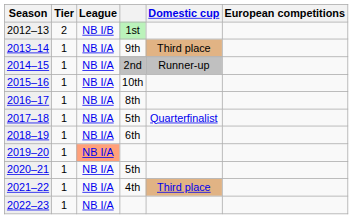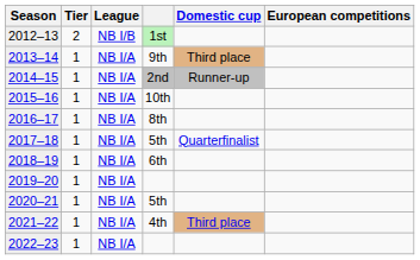 <table class="wikitable" style="font-size:88%; text-align:center">
 <tr bgcolor=>
 <th>Season</th>
 <th>Tier</th>
 <th>League</th>
 <th></th>
 <th><a href='#'>Domestic cup</a></th>
 <th colspan=2>European competitions</th>
 </tr>
 <tr>
 <td style="background:#efefef;">2012–13</td>
 <td>2</td>
 <td><a href='#'>NB I/B</a></td>
 <td style="background:#BBF3BB">1st</td>
 <td></td>
 <td colspan=2></td>
 </tr>
 <tr>
 <td style="background:#efefef;"><a href='#'>2013–14</a></td>
 <td>1</td>
 <td><a href='#'>NB I/A</a></td>
 <td>9th</td>
 <td style="background:#e1b384">Third place</td>
 <td colspan=2></td>
 </tr>
 <tr>
 <td style="background:#efefef;"><a href='#'>2014–15</a></td>
 <td>1</td>
 <td><a href='#'>NB I/A</a></td>
 <td style="background:silver">2nd</td>
 <td style="background:silver">Runner-up</td>
 <td colspan=2></td>
 </tr>
 <tr>
 <td style="background:#efefef;"><a href='#'>2015–16</a></td>
 <td>1</td>
 <td><a href='#'>NB I/A</a></td>
 <td>10th</td>
 <td></td>
 <td colspan=2></td>
 </tr>
 <tr>
 <td style="background:#efefef;"><a href='#'>2016–17</a></td>
 <td>1</td>
 <td><a href='#'>NB I/A</a></td>
 <td>8th</td>
 <td></td>
 <td colspan=2></td>
 </tr>
 <tr>
 <td style="background:#efefef;"><a href='#'>2017–18</a></td>
 <td>1</td>
 <td><a href='#'>NB I/A</a></td>
 <td>5th</td>
 <td><a href='#'>Quarterfinalist</a></td>
 <td colspan=2></td>
 </tr>
 <tr>
 <td style="background:#efefef;"><a href='#'>2018–19</a></td>
 <td>1</td>
 <td><a href='#'>NB I/A</a></td>
 <td>6th</td>
 <td></td>
 <td colspan=2></td>
 </tr>
 <tr>
 <td style="background:#efefef;"><a href='#'>2019–20</a></td>
 <td>1</td>
-<td style="background: lightsalmon;"><a href='#'>NB I/A</a></td>
+<td><a href='#'>NB I/A</a></td>
 <td></td>
 <td></td>
 <td colspan=2></td>
 </tr>
 <tr>
 <td style="background:#efefef;"><a href='#'>2020–21</a></td>
 <td>1</td>
 <td><a href='#'>NB I/A</a></td>
 <td>5th</td>
 <td></td>
 <td colspan=2></td>
 </tr>
 <tr>
 <td style="background:#efefef;"><a href='#'>2021–22</a></td>
 <td>1</td>
 <td><a href='#'>NB I/A</a></td>
 <td>4th</td>
 <td style="background:#e1b384"><a href='#'>Third place</a></td>
 <td colspan=2></td>
 </tr>
 <tr>
 <td style="background:#efefef;"><a href='#'>2022–23</a></td>
 <td>1</td>
 <td><a href='#'>NB I/A</a></td>
 <td align=center></td>
 <td></td>
 <td colspan=2></td>
 </tr>
 </table>
